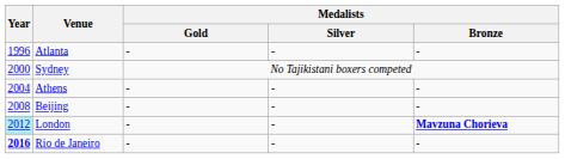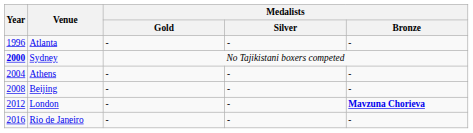 <table class="wikitable" style="text-align:left; font-size:90%">
 <tr>
 <th rowspan=2>Year</th>
 <th width=110 rowspan=2>Venue</th>
 <th colspan=3>Medalists</th>
 </tr>
 <tr>
 <th width=180 align="center">Gold</th>
 <th width=180 align="center">Silver</th>
 <th width=180 align="center">Bronze</th>
 </tr>
 <tr>
 <td><a href='#'>1996</a></td>
 <td><a href='#'>Atlanta</a></td>
 <td>-</td>
 <td>-</td>
 <td>-</td>
 </tr>
 <tr>
-<td><a href='#'>2000</a></td>
+<td><strong><a href='#'>2000</a></strong></td>
 <td><a href='#'>Sydney</a></td>
 <td align="center" colspan=3><em>No Tajikistani boxers competed</em></td>
 </tr>
 <tr>
 <td><a href='#'>2004</a></td>
 <td><a href='#'>Athens</a></td>
 <td>-</td>
 <td>-</td>
 <td>-</td>
 </tr>
 <tr>
 <td><a href='#'>2008</a></td>
 <td><a href='#'>Beijing</a></td>
 <td>-</td>
 <td>-</td>
 <td>-</td>
 </tr>
 <tr>
-<td style="background: paleturquoise;"><a href='#'>2012</a></td>
+<td><a href='#'>2012</a></td>
 <td><a href='#'>London</a></td>
 <td>-</td>
 <td>-</td>
 <td><strong><a href='#'>Mavzuna Chorieva</a></strong></td>
 </tr>
 <tr>
-<td><strong><a href='#'>2016</a></strong></td>
+<td><a href='#'>2016</a></td>
 <td><a href='#'>Rio de Janeiro</a></td>
 <td>-</td>
 <td>-</td>
 <td>-</td>
 </tr>
 </table>
